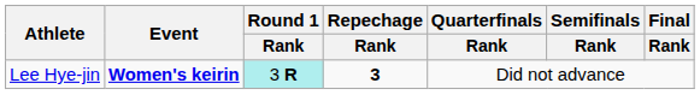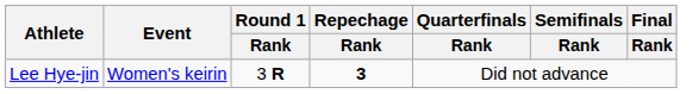 <table class="wikitable" style="font-size:90%; text-align:center">
 <tr>
 <th rowspan="2">Athlete</th>
 <th rowspan="2">Event</th>
 <th>Round 1</th>
 <th>Repechage</th>
 <th>Quarterfinals</th>
 <th>Semifinals</th>
 <th>Final</th>
 </tr>
 <tr style="font-size:95%">
 <th>Rank</th>
 <th>Rank</th>
 <th>Rank</th>
 <th>Rank</th>
 <th>Rank</th>
 </tr>
 <tr>
 <td style="text-align:left"><a href='#'>Lee Hye-jin</a></td>
-<td style="text-align:left"><strong><a href='#'>Women's keirin</a></strong></td>
-<td style="background: paleturquoise;">3 <strong>R</strong></td>
+<td style="text-align:left"><a href='#'>Women's keirin</a></td>
+<td>3 <strong>R</strong></td>
 <td><strong>3</strong></td>
 <td colspan="3">Did not advance</td>
 </tr>
 </table>
